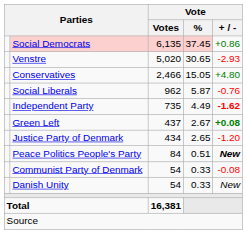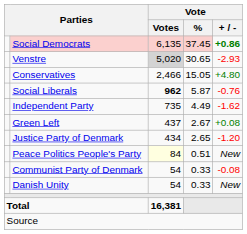 <table class="wikitable" style="text-align:right;">
 <tr>
 <th style="text-align:centre;" rowspan="2" colspan="2" width="225">Parties</th>
 <th colspan="3">Vote</th>
 </tr>
 <tr>
 <th width="15">Votes</th>
 <th width="15">%</th>
 <th width="15">+ / -</th>
 </tr>
 <tr>
 <td width="2" style="color:inherit;background:"></td>
 <td bgcolor=#fbd0ce  align="left"><a href='#'>Social Democrats</a></td>
 <td bgcolor=#fbd0ce>6,135</td>
 <td bgcolor=#fbd0ce>37.45</td>
-<td style=color:green;>+0.86</td>
+<td style=color:green;><strong>+0.86</strong></td>
 </tr>
 <tr>
 <td width="2" style="color:inherit;background:"></td>
 <td align="left"><a href='#'>Venstre</a></td>
-<td>5,020</td>
+<td style="background: lightgrey;">5,020</td>
 <td>30.65</td>
 <td style=color:red;>-2.93</td>
 </tr>
 <tr>
 <td width="2" style="color:inherit;background:"></td>
 <td align="left"><a href='#'>Conservatives</a></td>
 <td>2,466</td>
 <td>15.05</td>
 <td style=color:green;>+4.80</td>
 </tr>
 <tr>
 <td width="2" style="color:inherit;background:"></td>
 <td align="left"><a href='#'>Social Liberals</a></td>
-<td>962</td>
+<td><strong>962</strong></td>
 <td>5.87</td>
 <td style=color:red;>-0.76</td>
 </tr>
 <tr>
 <td width="2" style="color:inherit;background:"></td>
 <td align="left"><a href='#'>Independent Party</a></td>
 <td>735</td>
 <td>4.49</td>
-<td style=color:red;><strong>-1.62</strong></td>
+<td style=color:red;>-1.62</td>
 </tr>
 <tr>
 <td width="2" style="color:inherit;background:"></td>
 <td align="left"><a href='#'>Green Left</a></td>
 <td>437</td>
 <td>2.67</td>
-<td style=color:green;><strong>+0.08</strong></td>
+<td style=color:green;>+0.08</td>
 </tr>
 <tr>
 <td width="2" style="color:inherit;background:"></td>
 <td align="left"><a href='#'>Justice Party of Denmark</a></td>
 <td>434</td>
 <td>2.65</td>
 <td style=color:red;>-1.20</td>
 </tr>
 <tr>
 <td width="2" style="color:inherit;background:"></td>
 <td align="left"><a href='#'>Peace Politics People's Party</a></td>
-<td>84</td>
+<td style="background: lightyellow;">84</td>
 <td>0.51</td>
-<td><strong><em>New</em></strong></td>
+<td><em>New</em></td>
 </tr>
 <tr>
 <td width="2" style="color:inherit;background:"></td>
 <td align="left"><a href='#'>Communist Party of Denmark</a></td>
 <td>54</td>
 <td>0.33</td>
 <td style=color:red;>-0.08</td>
 </tr>
 <tr>
 <td width="2" style="color:inherit;background:"></td>
 <td align="left"><a href='#'>Danish Unity</a></td>
 <td>54</td>
 <td>0.33</td>
 <td><em>New</em></td>
 </tr>
 <tr>
 <td colspan="7" bgcolor="#E9E9E9"></td>
 </tr>
 <tr>
 <td align="left" colspan="2"><strong>Total</strong></td>
 <td><strong>16,381</strong></td>
 <td bgcolor="#E9E9E9" colspan="2"></td>
 </tr>
 <tr>
 <td align="left" colspan="6">Source</td>
 </tr>
 </table>
